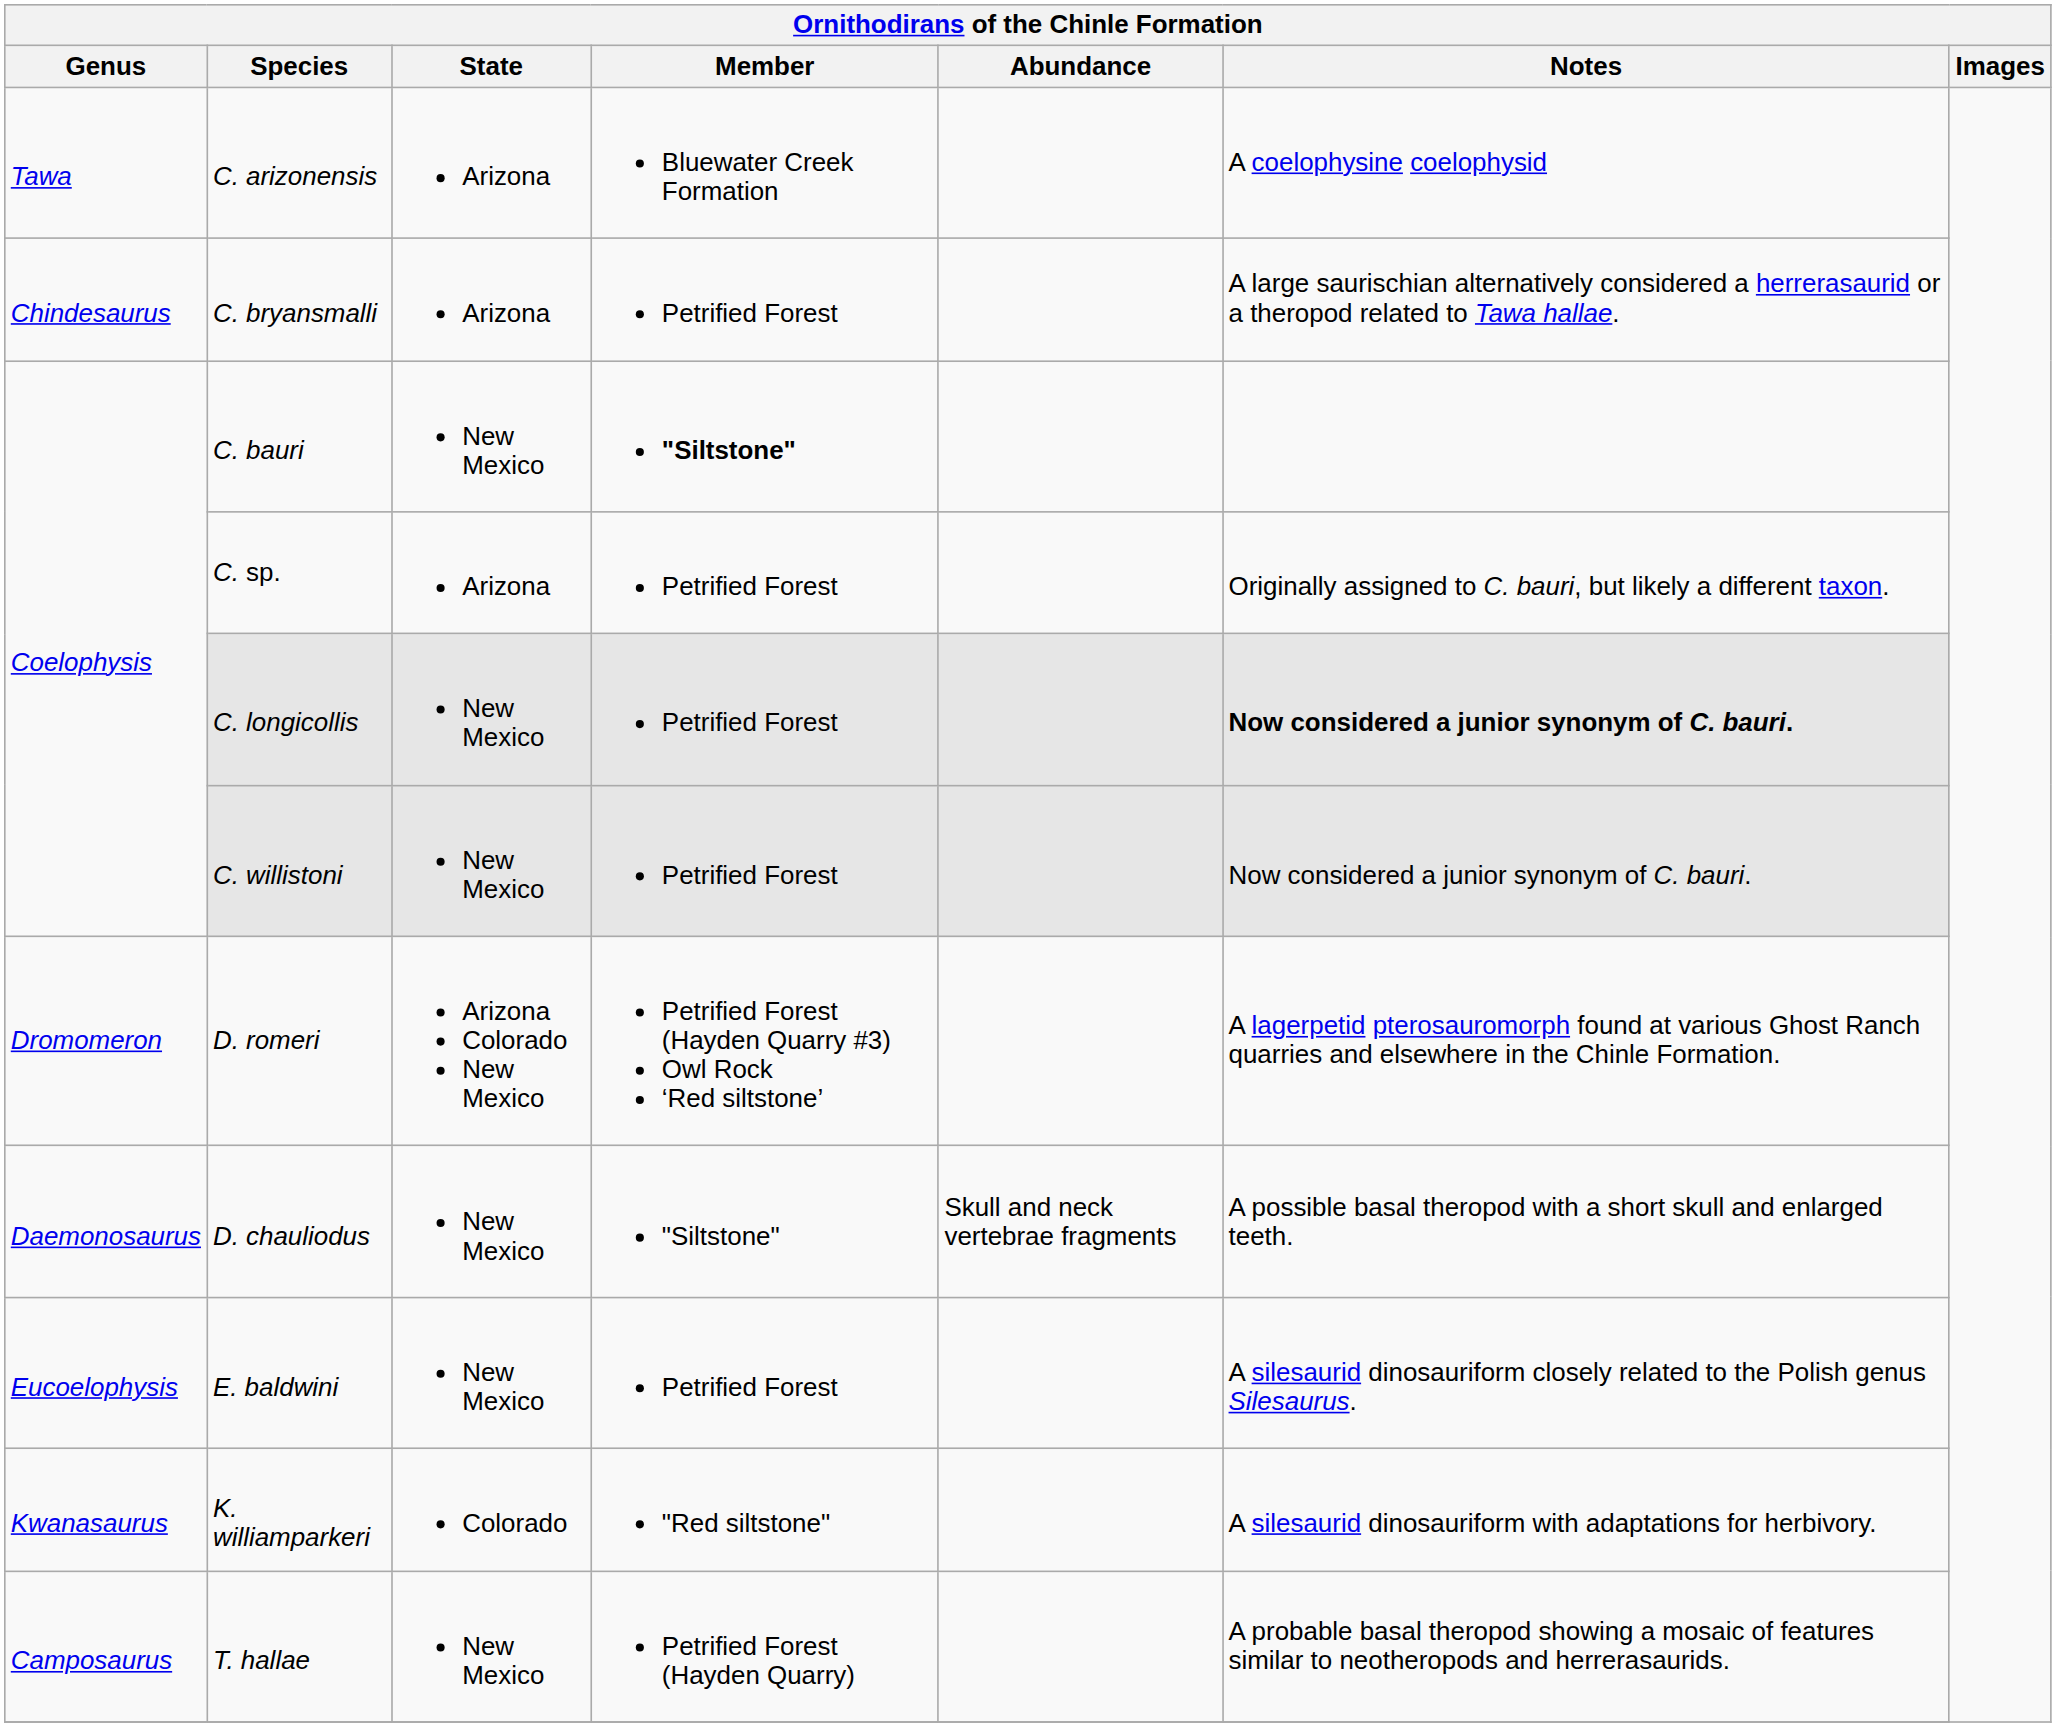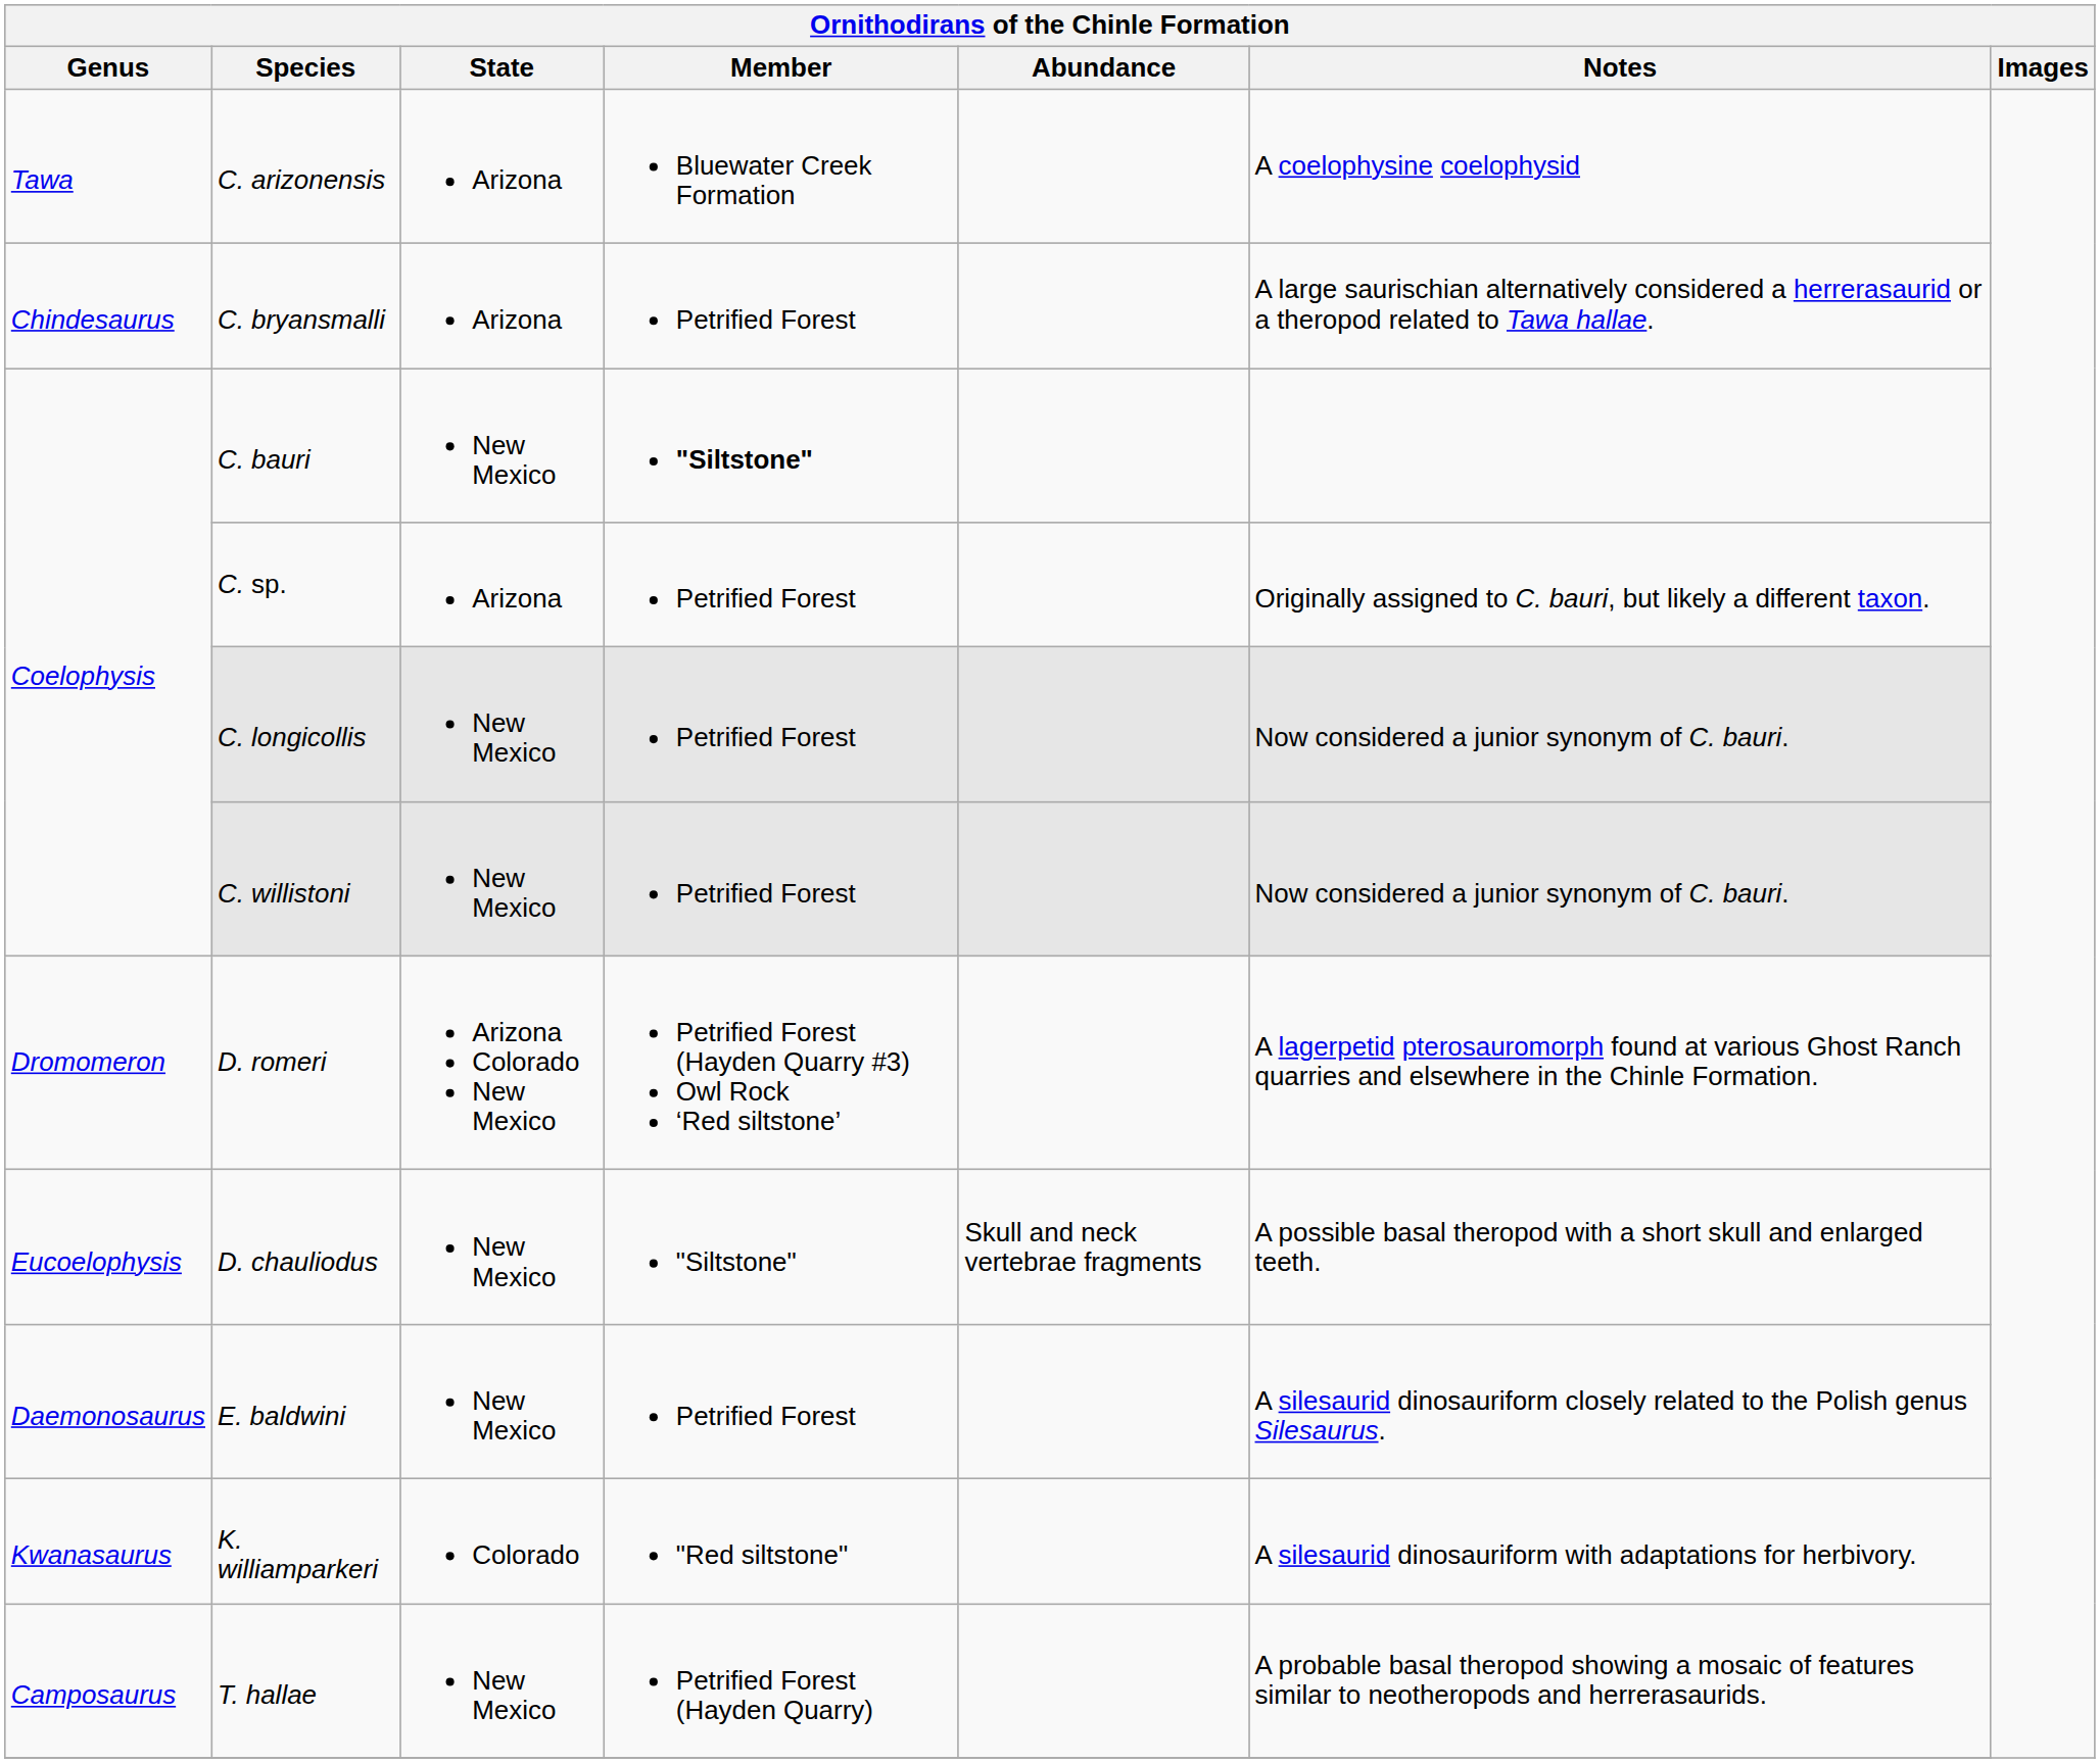 <table class="wikitable" align="center" width="100%">
 <tr>
 <th colspan="7" align="center"><strong><a href='#'>Ornithodirans</a> of the Chinle Formation</strong></th>
 </tr>
 <tr>
 <th>Genus</th>
 <th>Species</th>
 <th>State</th>
 <th>Member</th>
 <th>Abundance</th>
 <th>Notes</th>
 <th>Images</th>
 </tr>
 <tr>
 <td><br><em><a href='#'>Tawa</a></em></td>
 <td><br><em>C. arizonensis</em></td>
 <td><br><ul><li>Arizona</li></ul></td>
 <td><br><ul><li>Bluewater Creek Formation</li></ul></td>
 <td></td>
 <td>A <a href='#'>coelophysine</a> <a href='#'>coelophysid</a></td>
 <td rowspan="99"><br>      </td>
 </tr>
 <tr>
 <td><br><em><a href='#'>Chindesaurus</a></em></td>
 <td><br><em>C. bryansmalli</em></td>
 <td><br><ul><li>Arizona</li></ul></td>
 <td><br><ul><li>Petrified Forest</li></ul></td>
 <td></td>
 <td>A large saurischian alternatively considered a <a href='#'>herrerasaurid</a> or a theropod related to <em><a href='#'>Tawa hallae</a></em>.</td>
 </tr>
 <tr>
 <td rowspan="4"><br><em><a href='#'>Coelophysis</a></em></td>
 <td><br><em>C. bauri</em></td>
 <td><br><ul><li>New Mexico</li></ul></td>
 <td><strong><br><ul><li>"Siltstone"</li></ul></strong></td>
 <td></td>
 </tr>
 <tr>
 <td><em>C.</em> sp.</td>
 <td><br><ul><li>Arizona</li></ul></td>
 <td><br><ul><li>Petrified Forest</li></ul></td>
 <td></td>
 <td><br>Originally assigned to <em>C. bauri</em>, but likely a different <a href='#'>taxon</a>.</td>
 </tr>
 <tr>
 <td style="background:#E6E6E6;"><br><em>C. longicollis</em></td>
 <td style="background:#E6E6E6;"><br><ul><li>New Mexico</li></ul></td>
 <td style="background:#E6E6E6;"><br><ul><li>Petrified Forest</li></ul></td>
 <td style="background:#E6E6E6;"></td>
-<td style="background:#E6E6E6;"><strong><br>Now considered a junior synonym of <em>C. bauri</em>.</strong></td>
+<td style="background:#E6E6E6;"><br>Now considered a junior synonym of <em>C. bauri</em>.</td>
 </tr>
 <tr>
 <td style="background:#E6E6E6;"><br><em>C. willistoni</em></td>
 <td style="background:#E6E6E6;"><br><ul><li>New Mexico</li></ul></td>
 <td style="background:#E6E6E6;"><br><ul><li>Petrified Forest</li></ul></td>
 <td style="background:#E6E6E6;"></td>
 <td style="background:#E6E6E6;"><br>Now considered a junior synonym of <em>C. bauri</em>.</td>
 </tr>
 <tr>
 <td><em><a href='#'>Dromomeron</a></em></td>
 <td><em>D. romeri</em></td>
 <td><br><ul><li>Arizona</li><li>Colorado</li><li>New Mexico</li></ul></td>
 <td><br><ul><li>Petrified Forest (Hayden Quarry #3)</li><li>Owl Rock</li><li>‘Red siltstone’</li></ul></td>
 <td></td>
 <td>A <a href='#'>lagerpetid</a> <a href='#'>pterosauromorph</a> found at various Ghost Ranch quarries and elsewhere in the Chinle Formation.</td>
 </tr>
 <tr>
-<td><br><em><a href='#'>Daemonosaurus</a></em></td>
+<td><br><em><a href='#'>Eucoelophysis</a></em></td>
 <td><br><em>D. chauliodus</em></td>
 <td><br><ul><li>New Mexico</li></ul></td>
 <td><br><ul><li>"Siltstone"</li></ul></td>
 <td>Skull and neck vertebrae fragments</td>
 <td>A possible basal theropod with a short skull and enlarged teeth.</td>
 </tr>
 <tr>
-<td><br><em><a href='#'>Eucoelophysis</a></em></td>
+<td><br><em><a href='#'>Daemonosaurus</a></em></td>
 <td><br><em>E. baldwini</em></td>
 <td><br><ul><li>New Mexico</li></ul></td>
 <td><br><ul><li>Petrified Forest</li></ul></td>
 <td></td>
 <td><br>A <a href='#'>silesaurid</a> dinosauriform closely related to the Polish genus <em><a href='#'>Silesaurus</a></em>.</td>
 </tr>
 <tr>
 <td><br><em><a href='#'>Kwanasaurus</a></em></td>
 <td><br><em>K. williamparkeri</em></td>
 <td><br><ul><li>Colorado</li></ul></td>
 <td><br><ul><li>"Red siltstone"</li></ul></td>
 <td></td>
 <td><br>A <a href='#'>silesaurid</a> dinosauriform with adaptations for herbivory.</td>
 </tr>
 <tr>
 <td><br><em><a href='#'>Camposaurus</a></em></td>
 <td><br><em>T. hallae</em></td>
 <td><br><ul><li>New Mexico</li></ul></td>
 <td><br><ul><li>Petrified Forest (Hayden Quarry)</li></ul></td>
 <td></td>
 <td>A probable basal theropod showing a mosaic of features similar to neotheropods and herrerasaurids.</td>
 </tr>
 <tr>
 </tr>
 </table>
